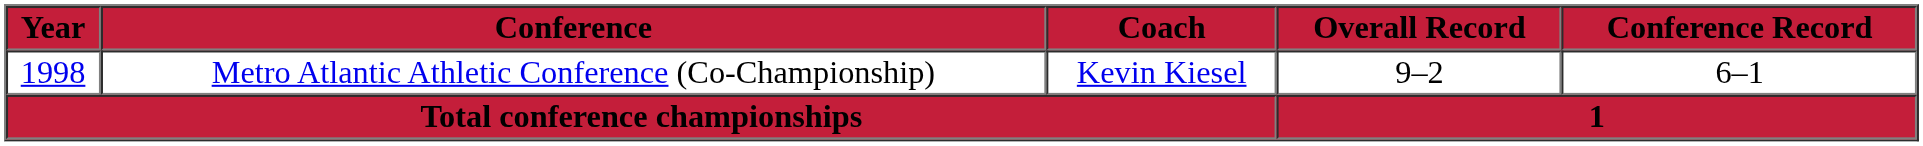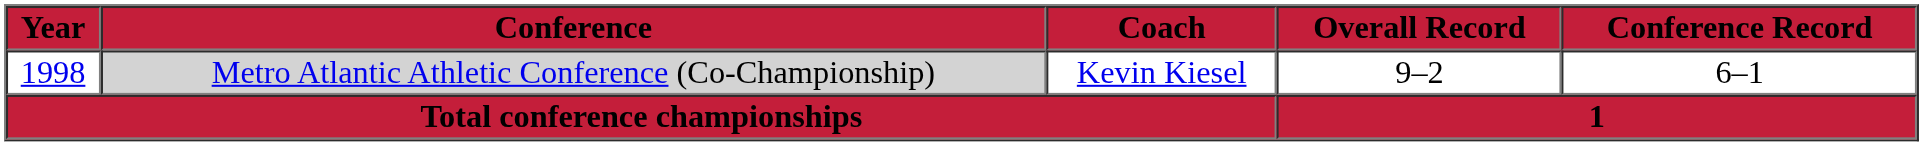 <table cellpadding="1" border="1" cellspacing="0" width="75%">
 <tr>
 <th bgcolor="#C41E3A"><span>Year</span></th>
 <th bgcolor="#C41E3A"><span>Conference</span></th>
 <th bgcolor="#C41E3A"><span>Coach</span></th>
 <th bgcolor="#C41E3A"><span>Overall Record</span></th>
 <th bgcolor="#C41E3A"><span>Conference Record</span></th>
 </tr>
 <tr align="center">
 <td><a href='#'>1998</a></td>
-<td><a href='#'>Metro Atlantic Athletic Conference</a> (Co-Championship)</td>
+<td style="background: lightgrey;"><a href='#'>Metro Atlantic Athletic Conference</a> (Co-Championship)</td>
 <td><a href='#'>Kevin Kiesel</a></td>
 <td>9–2</td>
 <td>6–1</td>
 </tr>
 <tr align="center">
 <td colspan=3 bgcolor="#C41E3A"><span> <strong>Total conference championships</strong></span></td>
 <td colspan=2 bgcolor="#C41E3A"><span> <strong>1</strong></span></td>
 </tr>
 <tr>
 </tr>
 </table>
